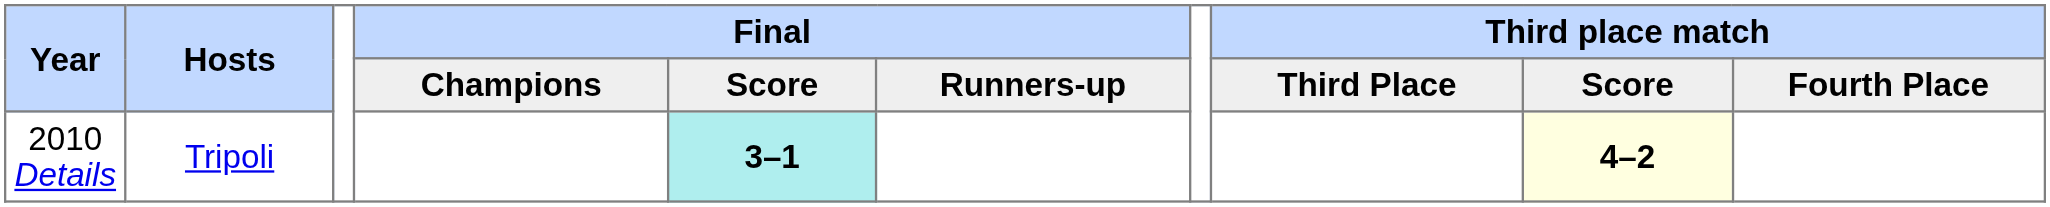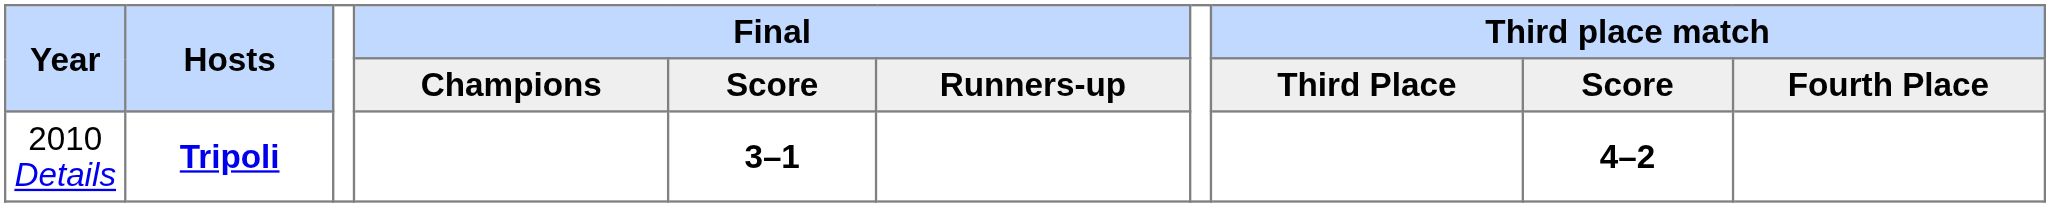 <table border=1 style="border-collapse:collapse; font-size:90%;" cellpadding=3 cellspacing=0 width=100%>
 <tr bgcolor=#C1D8FF>
 <th rowspan=2 width=5%>Year</th>
 <th rowspan=2 width=10%>Hosts</th>
 <th width=1% rowspan=3 bgcolor=FFFFFF></th>
 <th colspan=3>Final</th>
 <th width=1% rowspan=3 bgcolor=FFFFFF></th>
 <th colspan=3>Third place match</th>
 </tr>
 <tr bgcolor=#EFEFEF>
 <th width=15%>Champions</th>
 <th width=10%>Score</th>
 <th width=15%>Runners-up</th>
 <th width=15%>Third Place</th>
 <th width=10%>Score</th>
 <th width=15%>Fourth Place</th>
 </tr>
 <tr align=center>
 <td>2010<br><em><a href='#'>Details</a></em></td>
-<td> <a href='#'>Tripoli</a></td>
+<td><strong> <a href='#'>Tripoli</a></strong></td>
 <td><strong></strong></td>
-<td style="background: paleturquoise;"><strong>3–1</strong></td>
+<td><strong>3–1</strong></td>
 <td></td>
 <td><strong></strong></td>
-<td style="background: lightyellow;"><strong>4–2</strong></td>
+<td><strong>4–2</strong></td>
 <td></td>
 </tr>
 </table>
